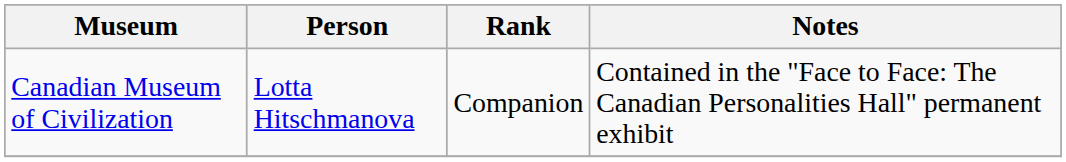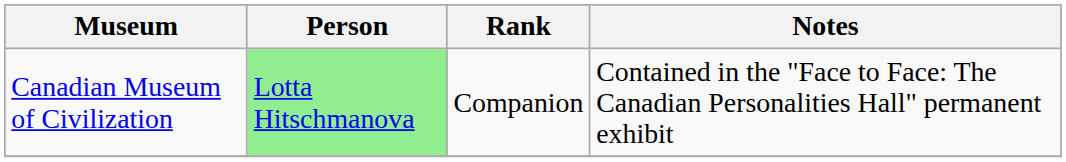 <table class="wikitable">
 <tr>
 <th>Museum</th>
 <th>Person</th>
 <th>Rank</th>
 <th>Notes</th>
 </tr>
 <tr>
 <td><a href='#'>Canadian Museum of Civilization</a></td>
-<td><a href='#'>Lotta Hitschmanova</a></td>
+<td style="background: lightgreen;"><a href='#'>Lotta Hitschmanova</a></td>
 <td>Companion</td>
 <td>Contained in the "Face to Face: The Canadian Personalities Hall" permanent exhibit</td>
 </tr>
 <tr>
 </tr>
 </table>
